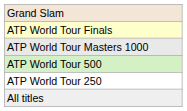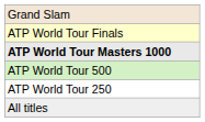 <table class=wikitable style=font-size:89%;width:15%>
 <tr style="background:#F3E6D7;">
 <td>Grand Slam</td>
 </tr>
 <tr style="background:#ffc;">
 <td>ATP World Tour Finals</td>
 </tr>
 <tr style="background:#E9E9E9;">
-<td>ATP World Tour Masters 1000</td>
+<td><strong>ATP World Tour Masters 1000</strong></td>
 </tr>
 <tr style="background:#D4F1C5;">
 <td>ATP World Tour 500</td>
 </tr>
 <tr style="background:#fff;">
 <td>ATP World Tour 250</td>
 </tr>
 <tr style="background:#efefef;">
 <td>All titles</td>
 </tr>
 </table>
